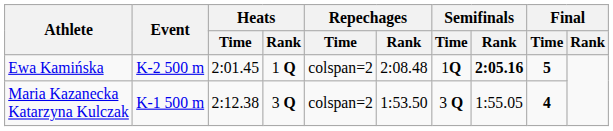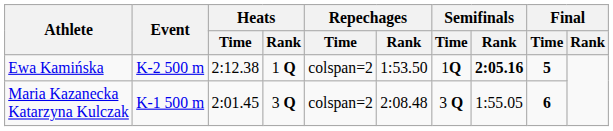 <table class="wikitable" style="font-size:90%">
 <tr>
 <th rowspan=2>Athlete</th>
 <th rowspan=2>Event</th>
 <th colspan=2>Heats</th>
 <th colspan=2>Repechages</th>
 <th colspan=2>Semifinals</th>
 <th colspan=2>Final</th>
 </tr>
 <tr style="font-size:95%">
 <th>Time</th>
 <th>Rank</th>
 <th>Time</th>
 <th>Rank</th>
 <th>Time</th>
 <th>Rank</th>
 <th>Time</th>
 <th>Rank</th>
 </tr>
 <tr align=center>
 <td align=left><a href='#'>Ewa Kamińska</a></td>
 <td align=left><a href='#'>K-2 500 m</a></td>
-<td>2:01.45</td>
+<td>2:12.38</td>
 <td>1 <strong>Q</strong></td>
 <td>colspan=2 </td>
-<td>2:08.48</td>
+<td>1:53.50</td>
 <td>1<strong>Q</strong></td>
 <td><strong>2:05.16</strong></td>
 <td><strong>5</strong></td>
 </tr>
 <tr align=center>
 <td align=left><a href='#'>Maria Kazanecka</a><br><a href='#'>Katarzyna Kulczak</a></td>
 <td align=left><a href='#'>K-1 500 m</a></td>
-<td>2:12.38</td>
+<td>2:01.45</td>
 <td>3 <strong>Q</strong></td>
 <td>colspan=2 </td>
-<td>1:53.50</td>
+<td>2:08.48</td>
 <td>3 <strong>Q</strong></td>
 <td>1:55.05</td>
-<td><strong>4</strong></td>
+<td><strong>6</strong></td>
 </tr>
 </table>
